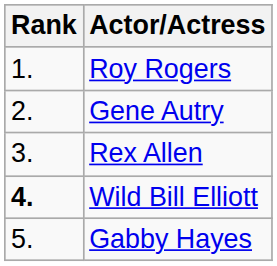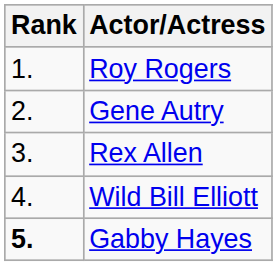 <table class="wikitable">
 <tr>
 <th>Rank</th>
 <th>Actor/Actress</th>
 </tr>
 <tr>
 <td>1.</td>
 <td><a href='#'>Roy Rogers</a></td>
 </tr>
 <tr>
 <td>2.</td>
 <td><a href='#'>Gene Autry</a></td>
 </tr>
 <tr>
 <td>3.</td>
 <td><a href='#'>Rex Allen</a></td>
 </tr>
 <tr>
-<td><strong>4.</strong></td>
+<td>4.</td>
 <td><a href='#'>Wild Bill Elliott</a></td>
 </tr>
 <tr>
-<td>5.</td>
+<td><strong>5.</strong></td>
 <td><a href='#'>Gabby Hayes</a></td>
 </tr>
 </table>
